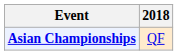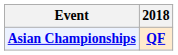 <table class="wikitable" style="font-size: 90%; text-align:center">
 <tr>
 <th>Event</th>
 <th>2018</th>
 </tr>
 <tr>
 <td bgcolor="#ECF2FF"; align="left"><strong><a href='#'>Asian Championships</a></strong></td>
-<td bgcolor=FFEBCD><a href='#'>QF</a></td>
+<td bgcolor=FFEBCD><strong><a href='#'>QF</a></strong></td>
 </tr>
 </table>
